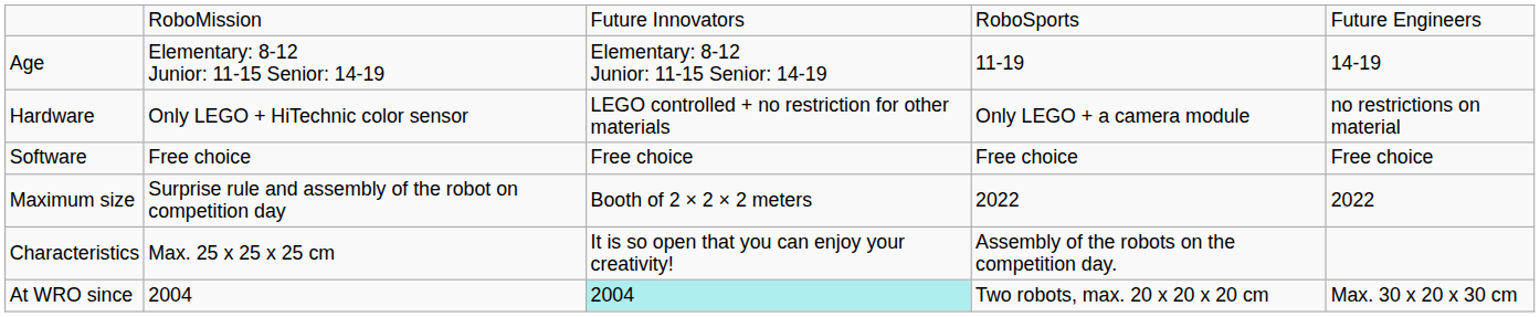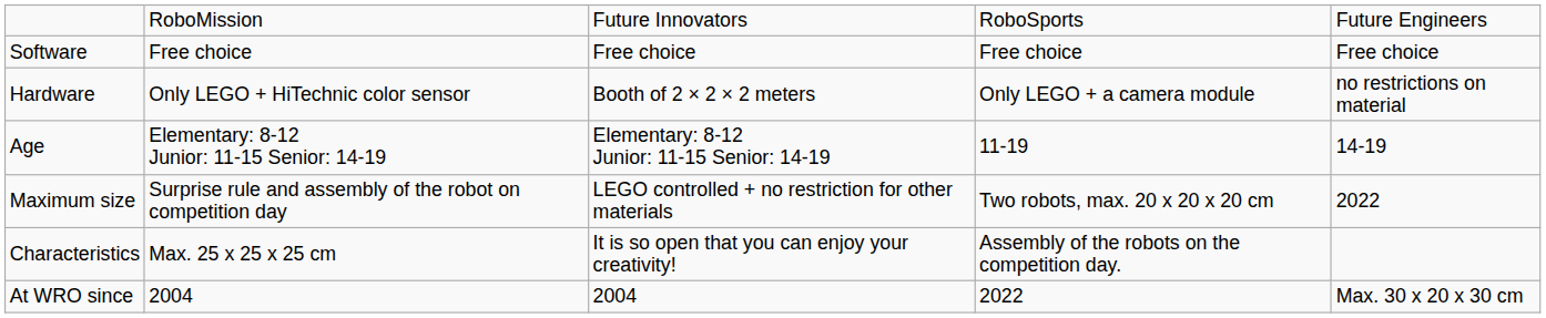 <table class="wikitable">
 <tr>
 <td></td>
 <td>RoboMission</td>
 <td>Future Innovators</td>
 <td>RoboSports</td>
 <td>Future Engineers</td>
 </tr>
 <tr>
+<td>Software</td>
+<td>Free choice</td>
+<td>Free choice</td>
+<td>Free choice</td>
+<td>Free choice</td>
+</tr>
+<tr>
+<td>Hardware</td>
+<td>Only LEGO + HiTechnic color sensor</td>
+<td>Booth of 2 × 2 × 2 meters</td>
+<td>Only LEGO + a camera module</td>
+<td>no restrictions on material</td>
+</tr>
+<tr>
 <td>Age</td>
 <td>Elementary: 8-12<br>Junior: 11-15 Senior: 14-19</td>
 <td>Elementary: 8-12<br>Junior: 11-15 Senior: 14-19</td>
 <td>11-19</td>
 <td>14-19</td>
 </tr>
 <tr>
-<td>Hardware</td>
-<td>Only LEGO + HiTechnic color sensor</td>
-<td>LEGO controlled + no restriction for other materials</td>
-<td>Only LEGO + a camera module</td>
-<td>no restrictions on material</td>
-</tr>
-<tr>
-<td>Software</td>
-<td>Free choice</td>
-<td>Free choice</td>
-<td>Free choice</td>
-<td>Free choice</td>
-</tr>
-<tr>
 <td>Maximum size</td>
 <td>Surprise rule and assembly of the robot on competition day</td>
-<td>Booth of 2 × 2 × 2 meters</td>
-<td>2022</td>
+<td>LEGO controlled + no restriction for other materials</td>
+<td>Two robots, max. 20 x 20 x 20 cm</td>
 <td>2022</td>
 </tr>
 <tr>
 <td>Characteristics</td>
 <td>Max. 25 x 25 x 25 cm</td>
 <td>It is so open that you can enjoy your creativity!</td>
 <td>Assembly of the robots on the competition day.</td>
 <td></td>
 </tr>
 <tr>
 <td>At WRO since</td>
 <td>2004</td>
-<td style="background: paleturquoise;">2004</td>
-<td>Two robots, max. 20 x 20 x 20 cm</td>
+<td>2004</td>
+<td>2022</td>
 <td>Max. 30 x 20 x 30 cm</td>
 </tr>
 </table>
